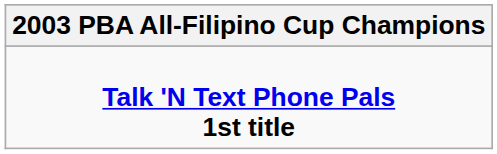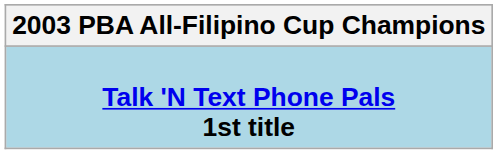 <table class=wikitable style="text-align:center; margin:auto">
 <tr>
 <th>2003 PBA All-Filipino Cup Champions</th>
 </tr>
 <tr>
-<td><br> <strong><a href='#'>Talk 'N Text Phone Pals</a></strong> <br> <strong>1st title</strong></td>
+<td style="background: lightblue;"><br> <strong><a href='#'>Talk 'N Text Phone Pals</a></strong> <br> <strong>1st title</strong></td>
 </tr>
 </table>
